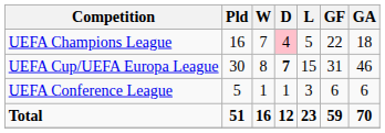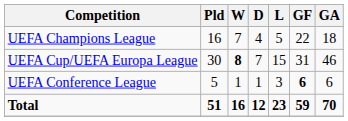 <table class="wikitable">
 <tr>
 <th>Competition</th>
 <th>Pld</th>
 <th>W</th>
 <th>D</th>
 <th>L</th>
 <th>GF</th>
 <th>GA</th>
 </tr>
 <tr>
 <td><a href='#'>UEFA Champions League</a></td>
 <td style="text-align:center;">16</td>
 <td style="text-align:center;">7</td>
-<td style="background: pink; text-align:center;">4</td>
+<td style="text-align:center;">4</td>
 <td style="text-align:center;">5</td>
 <td style="text-align:center;">22</td>
 <td style="text-align:center;">18</td>
 </tr>
 <tr>
 <td><a href='#'>UEFA Cup/UEFA Europa League</a></td>
 <td style="text-align:center;">30</td>
-<td style="text-align:center;">8</td>
-<td style="text-align:center;"><strong>7</strong></td>
+<td style="text-align:center;"><strong>8</strong></td>
+<td style="text-align:center;">7</td>
 <td style="text-align:center;">15</td>
 <td style="text-align:center;">31</td>
 <td style="text-align:center;">46</td>
 </tr>
 <tr>
 <td><a href='#'>UEFA Conference League</a></td>
 <td style="text-align:center;">5</td>
 <td style="text-align:center;">1</td>
 <td style="text-align:center;">1</td>
 <td style="text-align:center;">3</td>
-<td style="text-align:center;">6</td>
+<td style="text-align:center;"><strong>6</strong></td>
 <td style="text-align:center;">6</td>
 </tr>
 <tr>
 <td><strong>Total</strong></td>
 <td style="text-align:center;"><strong>51</strong></td>
 <td style="text-align:center;"><strong>16</strong></td>
 <td style="text-align:center;"><strong>12</strong></td>
 <td style="text-align:center;"><strong>23</strong></td>
 <td style="text-align:center;"><strong>59</strong></td>
 <td style="text-align:center;"><strong>70</strong></td>
 </tr>
 <tr>
 </tr>
 </table>
